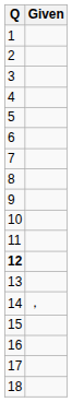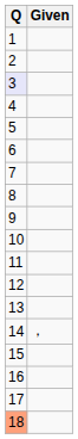 <table class="wikitable">
 <tr>
 <th>Q</th>
 <th>Given</th>
 </tr>
 <tr>
 <td>1</td>
 <td></td>
 </tr>
 <tr>
 <td>2</td>
 <td></td>
 </tr>
 <tr>
-<td>3</td>
+<td style="background: lavender;">3</td>
 <td></td>
 </tr>
 <tr>
 <td>4</td>
 <td></td>
 </tr>
 <tr>
 <td>5</td>
 <td></td>
 </tr>
 <tr>
 <td>6</td>
 <td></td>
 </tr>
 <tr>
 <td>7</td>
 <td></td>
 </tr>
 <tr>
 <td>8</td>
 <td></td>
 </tr>
 <tr>
 <td>9</td>
 <td></td>
 </tr>
 <tr>
 <td>10</td>
 <td></td>
 </tr>
 <tr>
 <td>11</td>
 <td></td>
 </tr>
 <tr>
-<td><strong>12</strong></td>
+<td>12</td>
 <td></td>
 </tr>
 <tr>
 <td>13</td>
 <td></td>
 </tr>
 <tr>
 <td>14</td>
 <td>，</td>
 </tr>
 <tr>
 <td>15</td>
 <td></td>
 </tr>
 <tr>
 <td>16</td>
 <td></td>
 </tr>
 <tr>
 <td>17</td>
 <td></td>
 </tr>
 <tr>
-<td>18</td>
+<td style="background: lightsalmon;">18</td>
 <td></td>
 </tr>
 </table>
